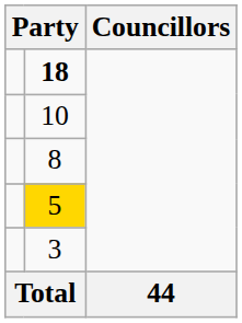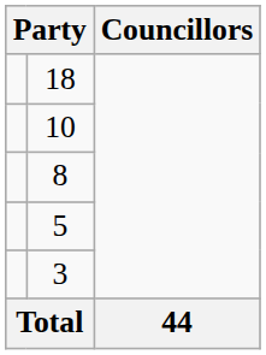 <table class="wikitable">
 <tr>
 <th colspan=2>Party</th>
 <th>Councillors</th>
 </tr>
 <tr>
 <td></td>
-<td align=center><strong>18</strong></td>
+<td align=center>18</td>
 </tr>
 <tr>
 <td></td>
 <td align=center>10</td>
 </tr>
 <tr>
 <td></td>
 <td align=center>8</td>
 </tr>
 <tr>
 <td></td>
-<td align=center style="background: gold;">5</td>
+<td align=center>5</td>
 </tr>
 <tr>
 <td></td>
 <td align=center>3</td>
 </tr>
 <tr>
 <th colspan=2>Total</th>
 <th align=center>44</th>
 </tr>
 </table>
